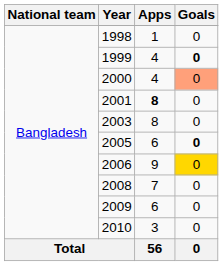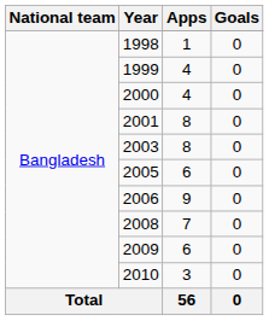 <table class="wikitable" style="text-align:center">
 <tr>
 <th>National team</th>
 <th>Year</th>
 <th>Apps</th>
 <th>Goals</th>
 </tr>
 <tr>
 <td rowspan="11"><a href='#'>Bangladesh</a></td>
 </tr>
 <tr>
 <td>1998</td>
 <td>1</td>
 <td>0</td>
 </tr>
 <tr>
 <td>1999</td>
 <td>4</td>
-<td><strong>0</strong></td>
+<td>0</td>
 </tr>
 <tr>
 <td>2000</td>
 <td>4</td>
-<td style="background: lightsalmon;">0</td>
+<td>0</td>
 </tr>
 <tr>
 <td>2001</td>
-<td><strong>8</strong></td>
+<td>8</td>
 <td>0</td>
 </tr>
 <tr>
 <td>2003</td>
 <td>8</td>
 <td>0</td>
 </tr>
 <tr>
 <td>2005</td>
 <td>6</td>
-<td><strong>0</strong></td>
+<td>0</td>
 </tr>
 <tr>
 <td>2006</td>
 <td>9</td>
-<td style="background: gold;">0</td>
+<td>0</td>
 </tr>
 <tr>
 <td>2008</td>
 <td>7</td>
 <td>0</td>
 </tr>
 <tr>
 <td>2009</td>
 <td>6</td>
 <td>0</td>
 </tr>
 <tr>
 <td>2010</td>
 <td>3</td>
 <td>0</td>
 </tr>
 <tr>
 <th colspan="2">Total</th>
 <th>56</th>
 <th>0</th>
 </tr>
 </table>
